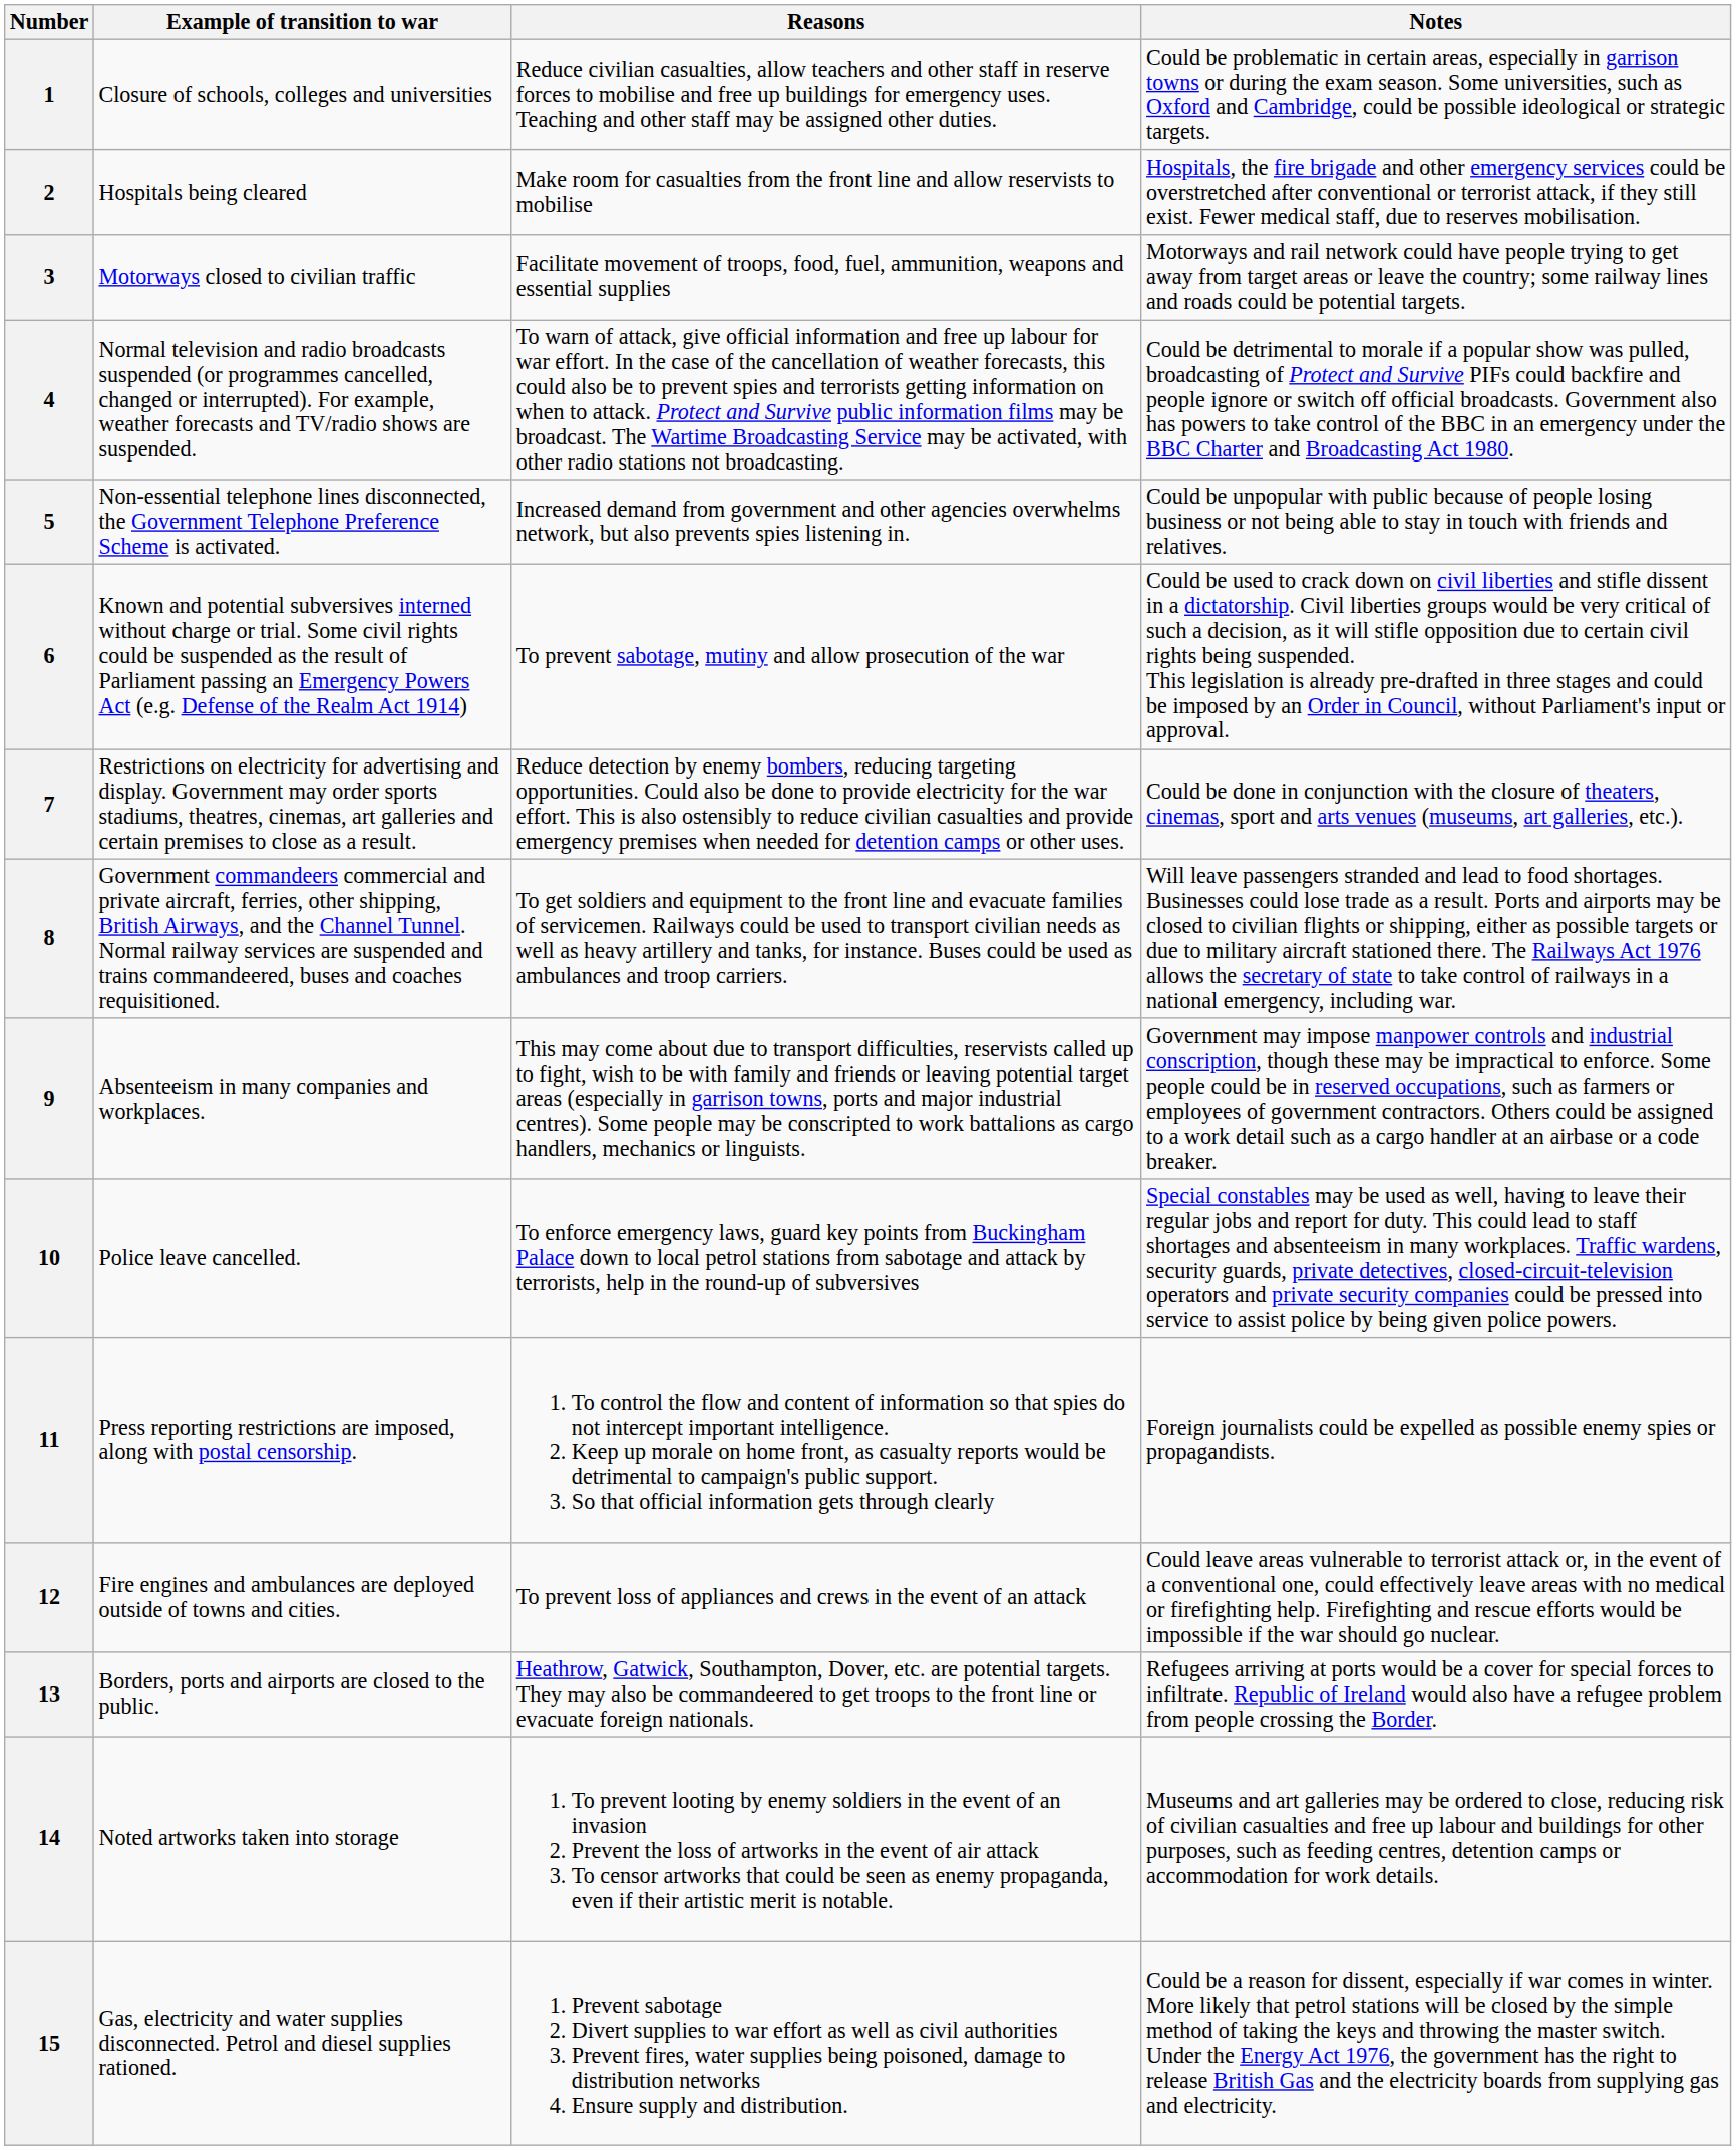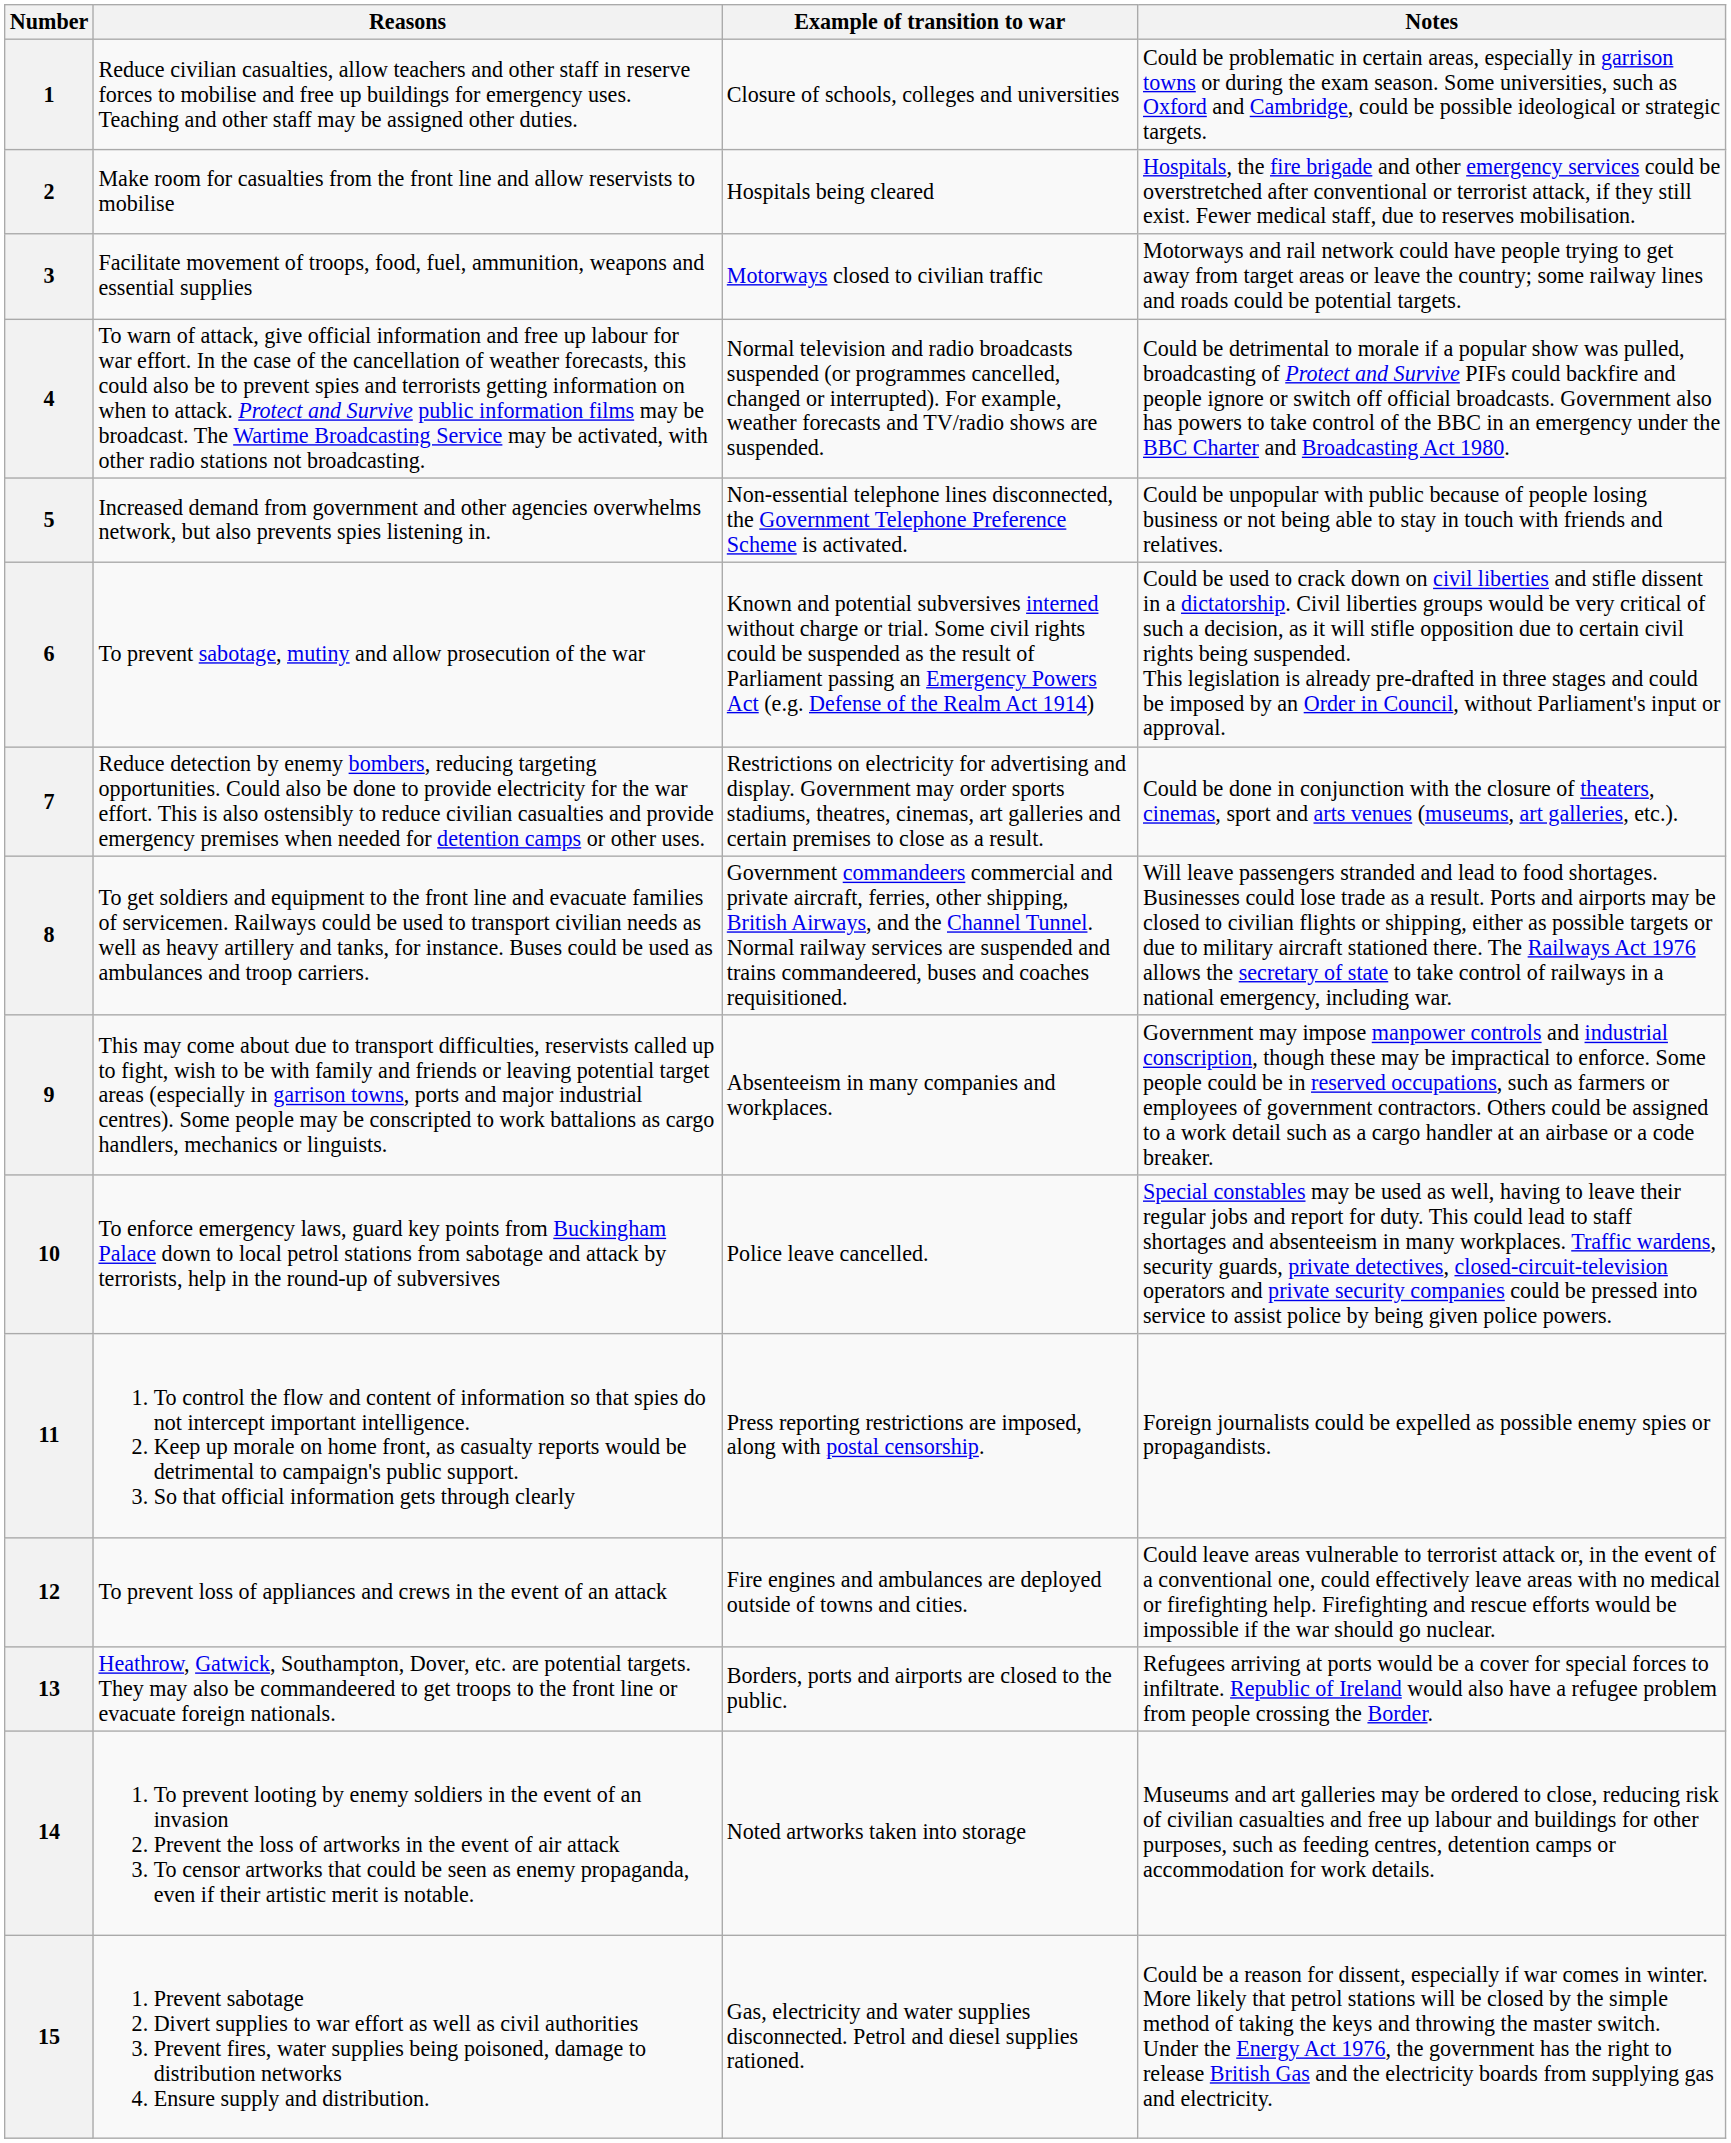 <table class="wikitable">
 <tr>
 <th>Number</th>
+<th>Reasons</th>
 <th>Example of transition to war</th>
-<th>Reasons</th>
 <th>Notes</th>
 </tr>
 <tr>
 <th>1</th>
+<td>Reduce civilian casualties, allow teachers and other staff in reserve forces to mobilise and free up buildings for emergency uses. Teaching and other staff may be assigned other duties.</td>
 <td>Closure of schools, colleges and universities</td>
-<td>Reduce civilian casualties, allow teachers and other staff in reserve forces to mobilise and free up buildings for emergency uses. Teaching and other staff may be assigned other duties.</td>
 <td>Could be problematic in certain areas, especially in <a href='#'>garrison towns</a> or during the exam season. Some universities, such as <a href='#'>Oxford</a> and <a href='#'>Cambridge</a>, could be possible ideological or strategic targets.</td>
 </tr>
 <tr>
 <th>2</th>
+<td>Make room for casualties from the front line and allow reservists to mobilise</td>
 <td>Hospitals being cleared</td>
-<td>Make room for casualties from the front line and allow reservists to mobilise</td>
 <td><a href='#'>Hospitals</a>, the <a href='#'>fire brigade</a> and other <a href='#'>emergency services</a> could be overstretched after conventional or terrorist attack, if they still exist. Fewer medical staff, due to reserves mobilisation.</td>
 </tr>
 <tr>
 <th>3</th>
+<td>Facilitate movement of troops, food, fuel, ammunition, weapons and essential supplies</td>
 <td><a href='#'>Motorways</a> closed to civilian traffic</td>
-<td>Facilitate movement of troops, food, fuel, ammunition, weapons and essential supplies</td>
 <td>Motorways and rail network could have people trying to get away from target areas or leave the country; some railway lines and roads could be potential targets.</td>
 </tr>
 <tr>
 <th>4</th>
+<td>To warn of attack, give official information and free up labour for war effort. In the case of the cancellation of weather forecasts, this could also be to prevent spies and terrorists getting information on when to attack. <em><a href='#'>Protect and Survive</a></em> <a href='#'>public information films</a> may be broadcast. The <a href='#'>Wartime Broadcasting Service</a> may be activated, with other radio stations not broadcasting.</td>
 <td>Normal television and radio broadcasts suspended (or programmes cancelled, changed or interrupted). For example,  weather forecasts and TV/radio shows are suspended.</td>
-<td>To warn of attack, give official information and free up labour for war effort. In the case of the cancellation of weather forecasts, this could also be to prevent spies and terrorists getting information on when to attack. <em><a href='#'>Protect and Survive</a></em> <a href='#'>public information films</a> may be broadcast. The <a href='#'>Wartime Broadcasting Service</a> may be activated, with other radio stations not broadcasting.</td>
 <td>Could be detrimental to morale if a popular show was pulled, broadcasting of <em><a href='#'>Protect and Survive</a></em> PIFs could backfire and people ignore or switch off official broadcasts. Government also has powers to take control of the BBC in an emergency under the <a href='#'>BBC Charter</a> and <a href='#'>Broadcasting Act 1980</a>.</td>
 </tr>
 <tr>
 <th>5</th>
+<td>Increased demand from government and other agencies overwhelms network, but also prevents spies listening in.</td>
 <td>Non-essential telephone lines disconnected, the <a href='#'>Government Telephone Preference Scheme</a> is activated.</td>
-<td>Increased demand from government and other agencies overwhelms network, but also prevents spies listening in.</td>
 <td>Could be unpopular with public because of people losing business or not being able to stay in touch with friends and relatives.</td>
 </tr>
 <tr>
 <th>6</th>
+<td>To prevent <a href='#'>sabotage</a>, <a href='#'>mutiny</a> and allow prosecution of the war</td>
 <td>Known and potential subversives <a href='#'>interned</a> without charge or trial. Some civil rights could be suspended as the result of Parliament passing an <a href='#'>Emergency Powers Act</a> (e.g. <a href='#'>Defense of the Realm Act 1914</a>)</td>
-<td>To prevent <a href='#'>sabotage</a>, <a href='#'>mutiny</a> and allow prosecution of the war</td>
 <td>Could be used to crack down on <a href='#'>civil liberties</a> and stifle dissent in a <a href='#'>dictatorship</a>. Civil liberties groups would be very critical of such a decision, as it will stifle opposition due to certain civil rights being suspended.<br>This legislation is already pre-drafted in three stages and could be imposed by an <a href='#'>Order in Council</a>, without Parliament's input or approval.</td>
 </tr>
 <tr>
 <th>7</th>
+<td>Reduce detection by enemy <a href='#'>bombers</a>, reducing targeting opportunities. Could also be done to provide electricity for the war effort. This is also ostensibly to reduce civilian casualties and provide emergency premises when needed for <a href='#'>detention camps</a> or other uses.</td>
 <td>Restrictions on electricity for advertising and display. Government may order sports stadiums, theatres, cinemas, art galleries and certain premises to close as a result.</td>
-<td>Reduce detection by enemy <a href='#'>bombers</a>, reducing targeting opportunities. Could also be done to provide electricity for the war effort. This is also ostensibly to reduce civilian casualties and provide emergency premises when needed for <a href='#'>detention camps</a> or other uses.</td>
 <td>Could be done in conjunction with the closure of <a href='#'>theaters</a>, <a href='#'>cinemas</a>, sport and <a href='#'>arts venues</a> (<a href='#'>museums</a>, <a href='#'>art galleries</a>, etc.).</td>
 </tr>
 <tr>
 <th>8</th>
+<td>To get soldiers and equipment to the front line and evacuate families of servicemen. Railways could be used to transport civilian needs as well as heavy artillery and tanks, for instance. Buses could be used as ambulances and troop carriers.</td>
 <td>Government <a href='#'>commandeers</a> commercial and private aircraft, ferries, other shipping, <a href='#'>British Airways</a>, and the <a href='#'>Channel Tunnel</a>. Normal railway services are suspended and trains commandeered, buses and coaches requisitioned.</td>
-<td>To get soldiers and equipment to the front line and evacuate families of servicemen. Railways could be used to transport civilian needs as well as heavy artillery and tanks, for instance. Buses could be used as ambulances and troop carriers.</td>
 <td>Will leave passengers stranded and lead to food shortages. Businesses could lose trade as a result. Ports and airports may be closed to civilian flights or shipping, either as possible targets or due to military aircraft stationed there. The <a href='#'>Railways Act 1976</a> allows the <a href='#'>secretary of state</a> to take control of railways in a national emergency, including war.</td>
 </tr>
 <tr>
 <th>9</th>
+<td>This may come about due to transport difficulties, reservists called up to fight, wish to be with family and friends or leaving potential target areas (especially in <a href='#'>garrison towns</a>, ports and major industrial centres). Some people may be conscripted to work battalions as cargo handlers, mechanics or linguists.</td>
 <td>Absenteeism in many companies and workplaces.</td>
-<td>This may come about due to transport difficulties, reservists called up to fight, wish to be with family and friends or leaving potential target areas (especially in <a href='#'>garrison towns</a>, ports and major industrial centres). Some people may be conscripted to work battalions as cargo handlers, mechanics or linguists.</td>
 <td>Government may impose <a href='#'>manpower controls</a> and <a href='#'>industrial conscription</a>, though these may be impractical to enforce. Some people could be in <a href='#'>reserved occupations</a>, such as farmers or employees of government contractors. Others could be assigned to a work detail such as a cargo handler at an airbase or a code breaker.</td>
 </tr>
 <tr>
 <th>10</th>
+<td>To enforce emergency laws, guard key points from <a href='#'>Buckingham Palace</a> down to local petrol stations from sabotage and attack by terrorists, help in the round-up of subversives</td>
 <td>Police leave cancelled.</td>
-<td>To enforce emergency laws, guard key points from <a href='#'>Buckingham Palace</a> down to local petrol stations from sabotage and attack by terrorists, help in the round-up of subversives</td>
 <td><a href='#'>Special constables</a> may be used as well, having to leave their regular jobs and report for duty. This could lead to staff shortages and absenteeism in many workplaces. <a href='#'>Traffic wardens</a>, security guards, <a href='#'>private detectives</a>, <a href='#'>closed-circuit-television</a> operators and <a href='#'>private security companies</a> could be pressed into service to assist police by being given police powers.</td>
 </tr>
 <tr>
 <th>11</th>
+<td><br><ol><li>To control the flow and content of information so that spies do not intercept important intelligence.</li><li>Keep up morale on home front, as casualty reports would be detrimental to campaign's public support.</li><li>So that official information gets through clearly</li></ol></td>
 <td>Press reporting restrictions are imposed, along with <a href='#'>postal censorship</a>.</td>
-<td><br><ol><li>To control the flow and content of information so that spies do not intercept important intelligence.</li><li>Keep up morale on home front, as casualty reports would be detrimental to campaign's public support.</li><li>So that official information gets through clearly</li></ol></td>
 <td>Foreign journalists could be expelled as possible enemy spies or propagandists.</td>
 </tr>
 <tr>
 <th>12</th>
+<td>To prevent loss of appliances and crews in the event of an attack</td>
 <td>Fire engines and ambulances are deployed outside of towns and cities.</td>
-<td>To prevent loss of appliances and crews in the event of an attack</td>
 <td>Could leave areas vulnerable to terrorist attack or, in the event of a conventional one, could effectively leave areas with no medical or firefighting help. Firefighting and rescue efforts would be impossible if the war should go nuclear.</td>
 </tr>
 <tr>
 <th>13</th>
+<td><a href='#'>Heathrow</a>, <a href='#'>Gatwick</a>, Southampton, Dover, etc. are potential targets. They may also be commandeered to get troops to the front line or evacuate foreign nationals.</td>
 <td>Borders, ports and airports are closed to the public.</td>
-<td><a href='#'>Heathrow</a>, <a href='#'>Gatwick</a>, Southampton, Dover, etc. are potential targets. They may also be commandeered to get troops to the front line or evacuate foreign nationals.</td>
 <td>Refugees arriving at ports would be a cover for special forces to infiltrate. <a href='#'>Republic of Ireland</a> would also have a refugee problem from people crossing the <a href='#'>Border</a>.</td>
 </tr>
 <tr>
 <th>14</th>
+<td><br><ol><li>To prevent looting by enemy soldiers in the event of an invasion</li><li>Prevent the loss of artworks in the event of air attack</li><li>To censor artworks that could be seen as enemy propaganda, even if their artistic merit is notable.</li></ol></td>
 <td>Noted artworks taken into storage</td>
-<td><br><ol><li>To prevent looting by enemy soldiers in the event of an invasion</li><li>Prevent the loss of artworks in the event of air attack</li><li>To censor artworks that could be seen as enemy propaganda, even if their artistic merit is notable.</li></ol></td>
 <td>Museums and art galleries may be ordered to close, reducing risk of civilian casualties and free up labour and buildings for other purposes, such as feeding centres, detention camps or accommodation for work details.</td>
 </tr>
 <tr>
 <th>15</th>
+<td><br><ol><li>Prevent sabotage</li><li>Divert supplies to war effort as well as civil authorities</li><li>Prevent fires, water supplies being poisoned, damage to distribution networks</li><li>Ensure supply and distribution.</li></ol></td>
 <td>Gas, electricity and water supplies disconnected. Petrol and diesel supplies rationed.</td>
-<td><br><ol><li>Prevent sabotage</li><li>Divert supplies to war effort as well as civil authorities</li><li>Prevent fires, water supplies being poisoned, damage to distribution networks</li><li>Ensure supply and distribution.</li></ol></td>
 <td>Could be a reason for dissent, especially if war comes in winter. More likely that petrol stations will be closed by the simple method of taking the keys and throwing the master switch. Under the <a href='#'>Energy Act 1976</a>, the government has the right to release <a href='#'>British Gas</a> and the electricity boards from supplying gas and electricity.</td>
 </tr>
 </table>
